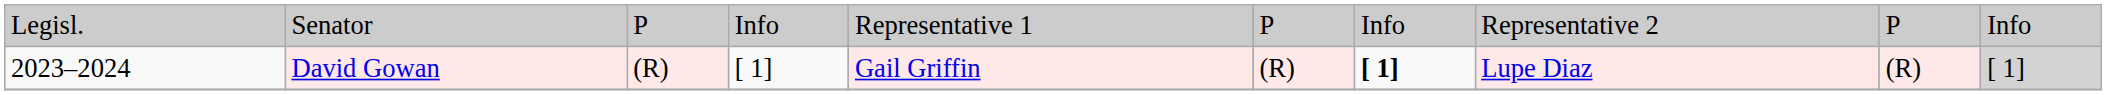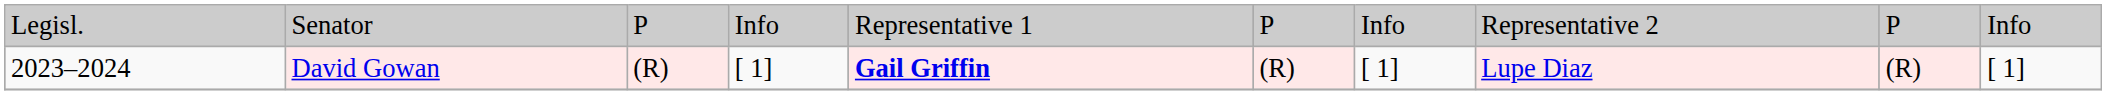 <table class=wikitable width="100%" border="1">
 <tr style="background-color:#cccccc;">
 <td>Legisl.</td>
 <td>Senator</td>
 <td>P</td>
 <td>Info</td>
 <td>Representative 1</td>
 <td>P</td>
 <td>Info</td>
 <td>Representative 2</td>
 <td>P</td>
 <td>Info</td>
 </tr>
 <tr>
 <td>2023–2024</td>
 <td style="background:#FFE8E8"><a href='#'>David Gowan</a></td>
 <td style="background:#FFE8E8">(R)</td>
 <td>[ 1]</td>
-<td style="background:#FFE8E8"><a href='#'>Gail Griffin</a></td>
+<td style="background:#FFE8E8"><strong><a href='#'>Gail Griffin</a></strong></td>
 <td style="background:#FFE8E8">(R)</td>
-<td><strong>[ 1]</strong></td>
+<td>[ 1]</td>
 <td style="background:#FFE8E8"><a href='#'>Lupe Diaz</a></td>
 <td style="background:#FFE8E8">(R)</td>
-<td style="background: lightgrey;">[ 1]</td>
+<td>[ 1]</td>
 </tr>
 <tr>
 </tr>
 </table>
